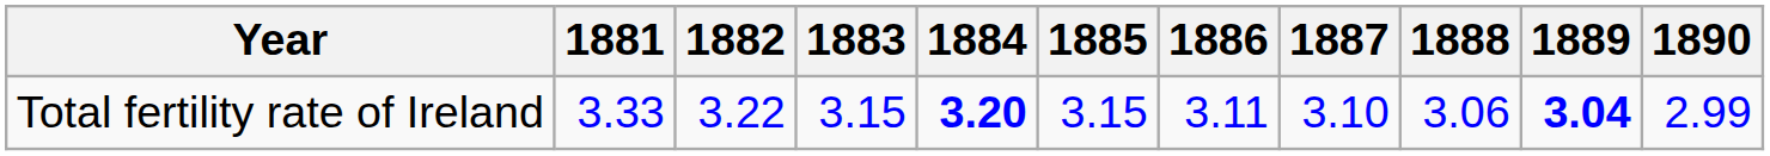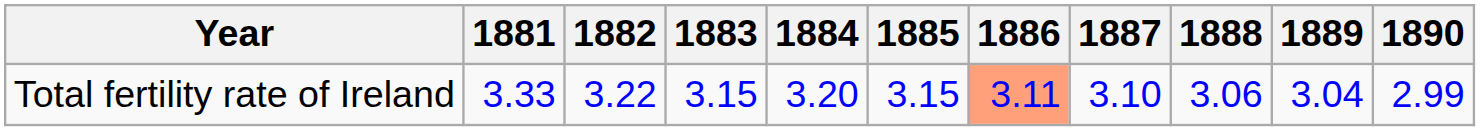 <table class="wikitable " style="text-align:right">
 <tr>
 <th>Year</th>
 <th>1881</th>
 <th>1882</th>
 <th>1883</th>
 <th>1884</th>
 <th>1885</th>
 <th>1886</th>
 <th>1887</th>
 <th>1888</th>
 <th>1889</th>
 <th>1890</th>
 </tr>
 <tr>
 <td align="left">Total fertility rate of Ireland</td>
 <td style="text-align:right; color:blue;">3.33</td>
 <td style="text-align:right; color:blue;">3.22</td>
 <td style="text-align:right; color:blue;">3.15</td>
-<td style="text-align:right; color:blue;"><strong>3.20</strong></td>
+<td style="text-align:right; color:blue;">3.20</td>
 <td style="text-align:right; color:blue;">3.15</td>
-<td style="text-align:right; color:blue;">3.11</td>
+<td style="background: lightsalmon; text-align:right; color:blue;">3.11</td>
 <td style="text-align:right; color:blue;">3.10</td>
 <td style="text-align:right; color:blue;">3.06</td>
-<td style="text-align:right; color:blue;"><strong>3.04</strong></td>
+<td style="text-align:right; color:blue;">3.04</td>
 <td style="text-align:right; color:blue;">2.99</td>
 </tr>
 </table>
